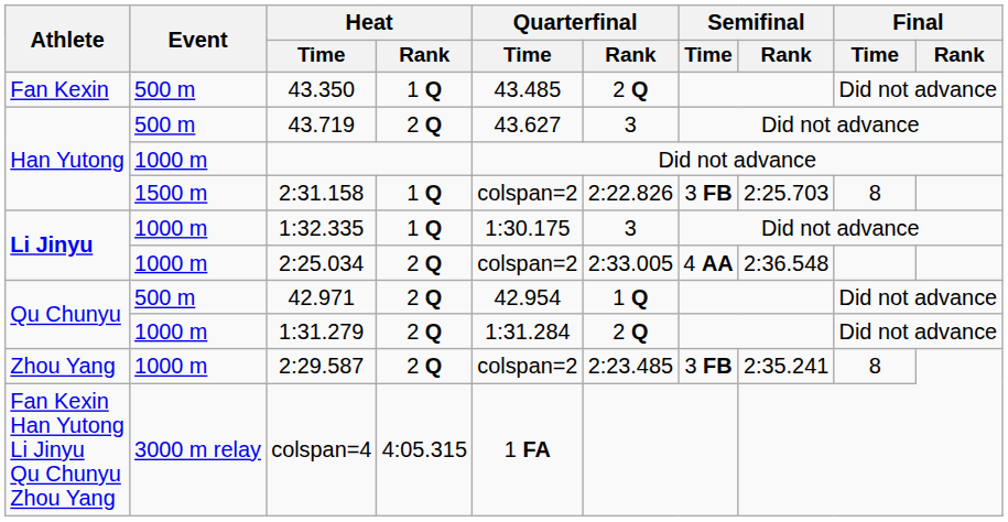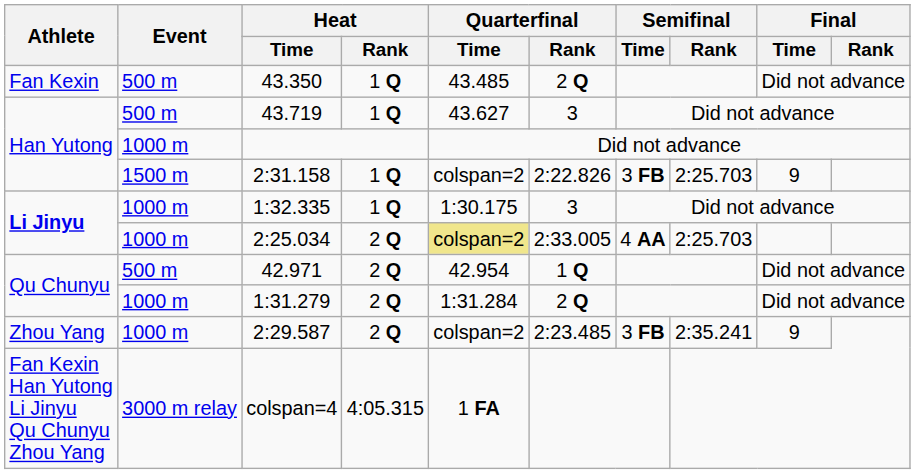 <table class="wikitable" style="font-size:90%">
 <tr>
 <th rowspan=2>Athlete</th>
 <th rowspan=2>Event</th>
 <th colspan=2>Heat</th>
 <th colspan=2>Quarterfinal</th>
 <th colspan=2>Semifinal</th>
 <th colspan=2>Final</th>
 </tr>
 <tr style="font-size:95%">
 <th>Time</th>
 <th>Rank</th>
 <th>Time</th>
 <th>Rank</th>
 <th>Time</th>
 <th>Rank</th>
 <th>Time</th>
 <th>Rank</th>
 </tr>
 <tr align=center>
 <td align=left><a href='#'>Fan Kexin</a></td>
 <td align=left><a href='#'>500 m</a></td>
 <td>43.350</td>
 <td>1 <strong>Q</strong></td>
 <td>43.485</td>
 <td>2 <strong>Q</strong></td>
 <td colspan=2></td>
 <td colspan=2>Did not advance</td>
 </tr>
 <tr align=center>
 <td align=left rowspan=3><a href='#'>Han Yutong</a></td>
 <td align=left><a href='#'>500 m</a></td>
 <td>43.719</td>
-<td>2 <strong>Q</strong></td>
+<td>1 <strong>Q</strong></td>
 <td>43.627</td>
 <td>3</td>
 <td colspan=4>Did not advance</td>
 </tr>
 <tr align=center>
 <td align=left><a href='#'>1000 m</a></td>
 <td colspan=2></td>
 <td colspan=6>Did not advance</td>
 </tr>
 <tr align=center>
 <td align=left><a href='#'>1500 m</a></td>
 <td>2:31.158</td>
 <td>1 <strong>Q</strong></td>
 <td>colspan=2 </td>
 <td>2:22.826</td>
 <td>3 <strong>FB</strong></td>
 <td>2:25.703</td>
-<td>8</td>
+<td>9</td>
 </tr>
 <tr align=center>
 <td align=left rowspan=2><strong><a href='#'>Li Jinyu</a></strong></td>
 <td align=left><a href='#'>1000 m</a></td>
 <td>1:32.335</td>
 <td>1 <strong>Q</strong></td>
 <td>1:30.175</td>
 <td>3</td>
 <td colspan=4>Did not advance</td>
 </tr>
 <tr align=center>
 <td align=left><a href='#'>1000 m</a></td>
 <td>2:25.034</td>
 <td>2 <strong>Q</strong></td>
-<td>colspan=2 </td>
+<td style="background: khaki;">colspan=2 </td>
 <td>2:33.005</td>
 <td>4 <strong>AA</strong></td>
-<td>2:36.548</td>
+<td>2:25.703</td>
 <td></td>
 </tr>
 <tr align=center>
 <td align=left rowspan=2><a href='#'>Qu Chunyu</a></td>
 <td align=left><a href='#'>500 m</a></td>
 <td>42.971</td>
 <td>2 <strong>Q</strong></td>
 <td>42.954</td>
 <td>1 <strong>Q</strong></td>
 <td colspan=2></td>
 <td colspan=2>Did not advance</td>
 </tr>
 <tr align=center>
 <td align=left><a href='#'>1000 m</a></td>
 <td>1:31.279</td>
 <td>2 <strong>Q</strong></td>
 <td>1:31.284</td>
 <td>2 <strong>Q</strong></td>
 <td colspan=2></td>
 <td colspan=2>Did not advance</td>
 </tr>
 <tr align=center>
 <td align=left><a href='#'>Zhou Yang</a></td>
 <td align=left><a href='#'>1000 m</a></td>
 <td>2:29.587</td>
 <td>2 <strong>Q</strong></td>
 <td>colspan=2 </td>
 <td>2:23.485</td>
 <td>3 <strong>FB</strong></td>
 <td>2:35.241</td>
-<td>8</td>
+<td>9</td>
 </tr>
 <tr align=center>
 <td align=left><a href='#'>Fan Kexin</a><br><a href='#'>Han Yutong</a><br><a href='#'>Li Jinyu</a><br><a href='#'>Qu Chunyu</a><br><a href='#'>Zhou Yang</a></td>
 <td align=left><a href='#'>3000 m relay</a></td>
 <td>colspan=4 </td>
 <td>4:05.315 </td>
 <td>1 <strong>FA</strong></td>
 <td colspan=2></td>
 </tr>
 </table>
